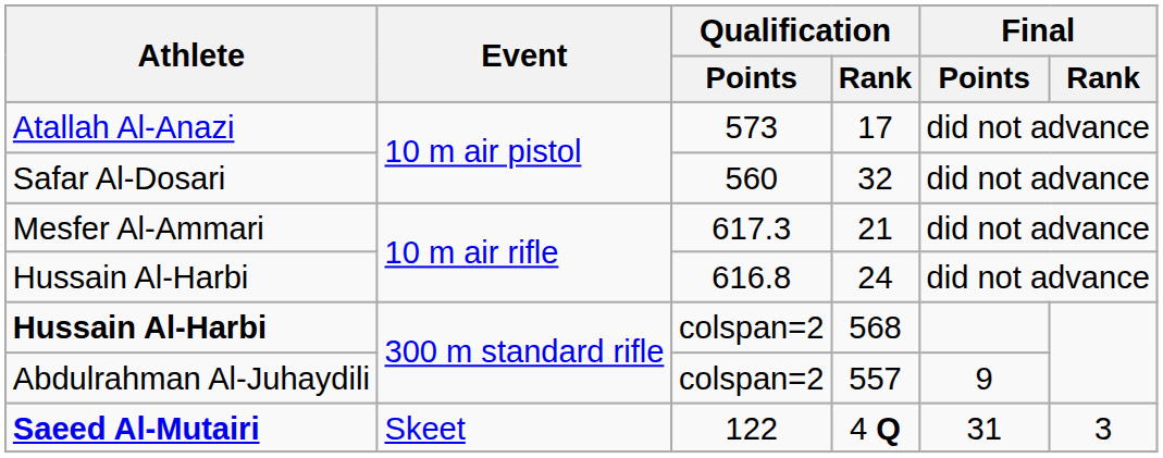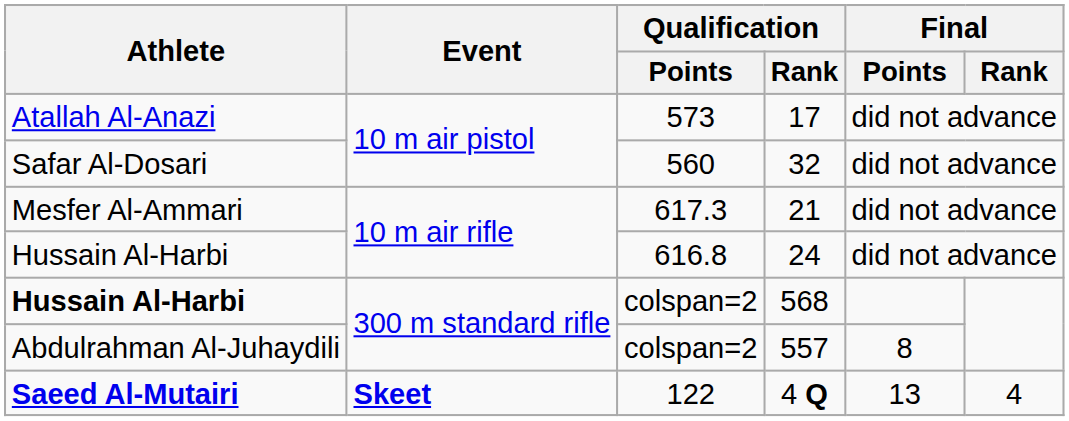 <table class=wikitable style=font-size:90%;text-align:center>
 <tr>
 <th rowspan="2">Athlete</th>
 <th rowspan="2">Event</th>
 <th colspan=2>Qualification</th>
 <th colspan=2>Final</th>
 </tr>
 <tr style="font-size:95%">
 <th>Points</th>
 <th>Rank</th>
 <th>Points</th>
 <th>Rank</th>
 </tr>
 <tr>
 <td align=left><a href='#'>Atallah Al-Anazi</a></td>
 <td align=left rowspan=2><a href='#'>10 m air pistol</a></td>
 <td>573</td>
 <td>17</td>
 <td colspan=2>did not advance</td>
 </tr>
 <tr>
 <td align=left>Safar Al-Dosari</td>
 <td>560</td>
 <td>32</td>
 <td colspan=2>did not advance</td>
 </tr>
 <tr>
 <td align=left>Mesfer Al-Ammari</td>
 <td align=left rowspan=2><a href='#'>10 m air rifle</a></td>
 <td>617.3</td>
 <td>21</td>
 <td colspan=2>did not advance</td>
 </tr>
 <tr>
 <td align=left>Hussain Al-Harbi</td>
 <td>616.8</td>
 <td>24</td>
 <td colspan=2>did not advance</td>
 </tr>
 <tr>
 <td align=left><strong>Hussain Al-Harbi</strong></td>
 <td align=left rowspan=2><a href='#'>300 m standard rifle</a></td>
 <td>colspan=2 </td>
 <td>568</td>
 <td></td>
 </tr>
 <tr>
 <td align=left>Abdulrahman Al-Juhaydili</td>
 <td>colspan=2 </td>
 <td>557</td>
-<td>9</td>
+<td>8</td>
 </tr>
 <tr>
 <td align=left><strong><a href='#'>Saeed Al-Mutairi</a></strong></td>
-<td align=left><a href='#'>Skeet</a></td>
+<td align=left><strong><a href='#'>Skeet</a></strong></td>
 <td>122</td>
 <td>4 <strong>Q</strong></td>
-<td>31</td>
-<td>3</td>
+<td>13</td>
+<td>4</td>
 </tr>
 </table>
